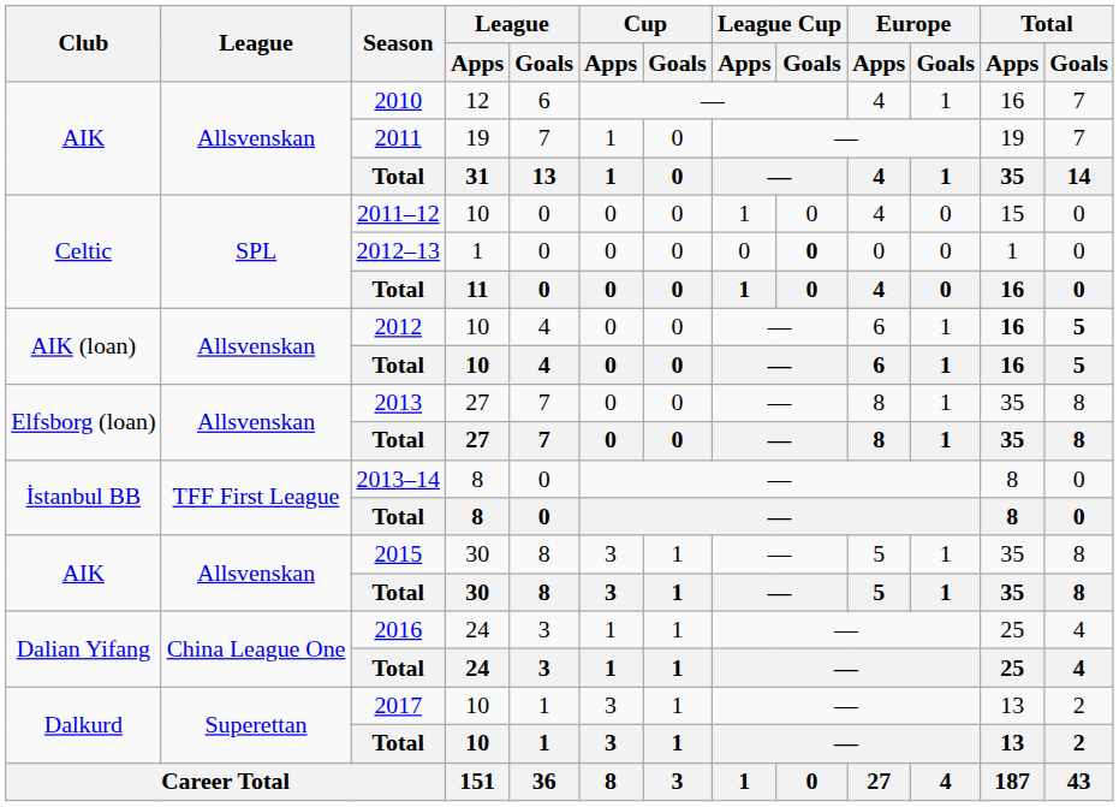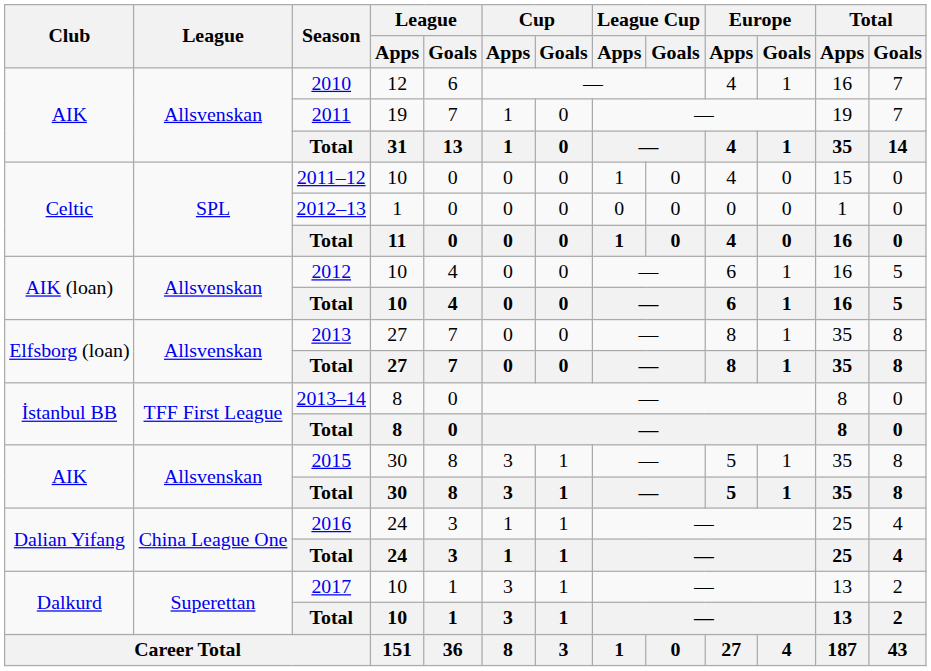 <table class="wikitable" style="text-align: center;">
 <tr>
 <th rowspan="2">Club</th>
 <th rowspan="2">League</th>
 <th rowspan="2">Season</th>
 <th colspan="2">League</th>
 <th colspan="2">Cup</th>
 <th colspan="2">League Cup</th>
 <th colspan="2">Europe</th>
 <th colspan="2">Total</th>
 </tr>
 <tr>
 <th>Apps</th>
 <th>Goals</th>
 <th>Apps</th>
 <th>Goals</th>
 <th>Apps</th>
 <th>Goals</th>
 <th>Apps</th>
 <th>Goals</th>
 <th>Apps</th>
 <th>Goals</th>
 </tr>
 <tr>
 <td rowspan="3"><a href='#'>AIK</a></td>
 <td rowspan="3"><a href='#'>Allsvenskan</a></td>
 <td><a href='#'>2010</a></td>
 <td>12</td>
 <td>6</td>
 <td colspan="4">—</td>
 <td>4</td>
 <td>1</td>
 <td>16</td>
 <td>7</td>
 </tr>
 <tr>
 <td><a href='#'>2011</a></td>
 <td>19</td>
 <td>7</td>
 <td>1</td>
 <td>0</td>
 <td colspan="4">—</td>
 <td>19</td>
 <td>7</td>
 </tr>
 <tr>
 <th>Total</th>
 <th>31</th>
 <th>13</th>
 <th>1</th>
 <th>0</th>
 <th colspan="2">—</th>
 <th>4</th>
 <th>1</th>
 <th>35</th>
 <th>14</th>
 </tr>
 <tr>
 <td rowspan="3"><a href='#'>Celtic</a></td>
 <td rowspan="3"><a href='#'>SPL</a></td>
 <td><a href='#'>2011–12</a></td>
 <td>10</td>
 <td>0</td>
 <td>0</td>
 <td>0</td>
 <td>1</td>
 <td>0</td>
 <td>4</td>
 <td>0</td>
 <td>15</td>
 <td>0</td>
 </tr>
 <tr>
 <td><a href='#'>2012–13</a></td>
 <td>1</td>
 <td>0</td>
 <td>0</td>
 <td>0</td>
 <td>0</td>
-<td><strong>0</strong></td>
+<td>0</td>
 <td>0</td>
 <td>0</td>
 <td>1</td>
 <td>0</td>
 </tr>
 <tr>
 <th>Total</th>
 <th>11</th>
 <th>0</th>
 <th>0</th>
 <th>0</th>
 <th>1</th>
 <th>0</th>
 <th>4</th>
 <th>0</th>
 <th>16</th>
 <th>0</th>
 </tr>
 <tr>
 <td rowspan="2"><a href='#'>AIK</a> (loan)</td>
 <td rowspan="2"><a href='#'>Allsvenskan</a></td>
 <td><a href='#'>2012</a></td>
 <td>10</td>
 <td>4</td>
 <td>0</td>
 <td>0</td>
 <td colspan="2">—</td>
 <td>6</td>
 <td>1</td>
-<td><strong>16</strong></td>
-<td><strong>5</strong></td>
+<td>16</td>
+<td>5</td>
 </tr>
 <tr>
 <th>Total</th>
 <th>10</th>
 <th>4</th>
 <th>0</th>
 <th>0</th>
 <th colspan="2">—</th>
 <th>6</th>
 <th>1</th>
 <th>16</th>
 <th>5</th>
 </tr>
 <tr>
 <td rowspan="2"><a href='#'>Elfsborg</a> (loan)</td>
 <td rowspan="2"><a href='#'>Allsvenskan</a></td>
 <td><a href='#'>2013</a></td>
 <td>27</td>
 <td>7</td>
 <td>0</td>
 <td>0</td>
 <td colspan="2">—</td>
 <td>8</td>
 <td>1</td>
 <td>35</td>
 <td>8</td>
 </tr>
 <tr>
 <th>Total</th>
 <th>27</th>
 <th>7</th>
 <th>0</th>
 <th>0</th>
 <th colspan="2">—</th>
 <th>8</th>
 <th>1</th>
 <th>35</th>
 <th>8</th>
 </tr>
 <tr>
 <td rowspan="2"><a href='#'>İstanbul BB</a></td>
 <td rowspan="2"><a href='#'>TFF First League</a></td>
 <td><a href='#'>2013–14</a></td>
 <td>8</td>
 <td>0</td>
 <td colspan="6">—</td>
 <td>8</td>
 <td>0</td>
 </tr>
 <tr>
 <th>Total</th>
 <th>8</th>
 <th>0</th>
 <th colspan="6">—</th>
 <th>8</th>
 <th>0</th>
 </tr>
 <tr>
 <td rowspan="2"><a href='#'>AIK</a></td>
 <td rowspan="2"><a href='#'>Allsvenskan</a></td>
 <td><a href='#'>2015</a></td>
 <td>30</td>
 <td>8</td>
 <td>3</td>
 <td>1</td>
 <td colspan="2">—</td>
 <td>5</td>
 <td>1</td>
 <td>35</td>
 <td>8</td>
 </tr>
 <tr>
 <th>Total</th>
 <th>30</th>
 <th>8</th>
 <th>3</th>
 <th>1</th>
 <th colspan="2">—</th>
 <th>5</th>
 <th>1</th>
 <th>35</th>
 <th>8</th>
 </tr>
 <tr>
 <td rowspan="2"><a href='#'>Dalian Yifang</a></td>
 <td rowspan="2"><a href='#'>China League One</a></td>
 <td><a href='#'>2016</a></td>
 <td>24</td>
 <td>3</td>
 <td>1</td>
 <td>1</td>
 <td colspan="4">—</td>
 <td>25</td>
 <td>4</td>
 </tr>
 <tr>
 <th>Total</th>
 <th>24</th>
 <th>3</th>
 <th>1</th>
 <th>1</th>
 <th colspan="4">—</th>
 <th>25</th>
 <th>4</th>
 </tr>
 <tr>
 <td rowspan="2"><a href='#'>Dalkurd</a></td>
 <td rowspan="2"><a href='#'>Superettan</a></td>
 <td><a href='#'>2017</a></td>
 <td>10</td>
 <td>1</td>
 <td>3</td>
 <td>1</td>
 <td colspan="4">—</td>
 <td>13</td>
 <td>2</td>
 </tr>
 <tr>
 <th>Total</th>
 <th>10</th>
 <th>1</th>
 <th>3</th>
 <th>1</th>
 <th colspan="4">—</th>
 <th>13</th>
 <th>2</th>
 </tr>
 <tr>
 <th colspan="3">Career Total</th>
 <th>151</th>
 <th>36</th>
 <th>8</th>
 <th>3</th>
 <th>1</th>
 <th>0</th>
 <th>27</th>
 <th>4</th>
 <th>187</th>
 <th>43</th>
 </tr>
 </table>
